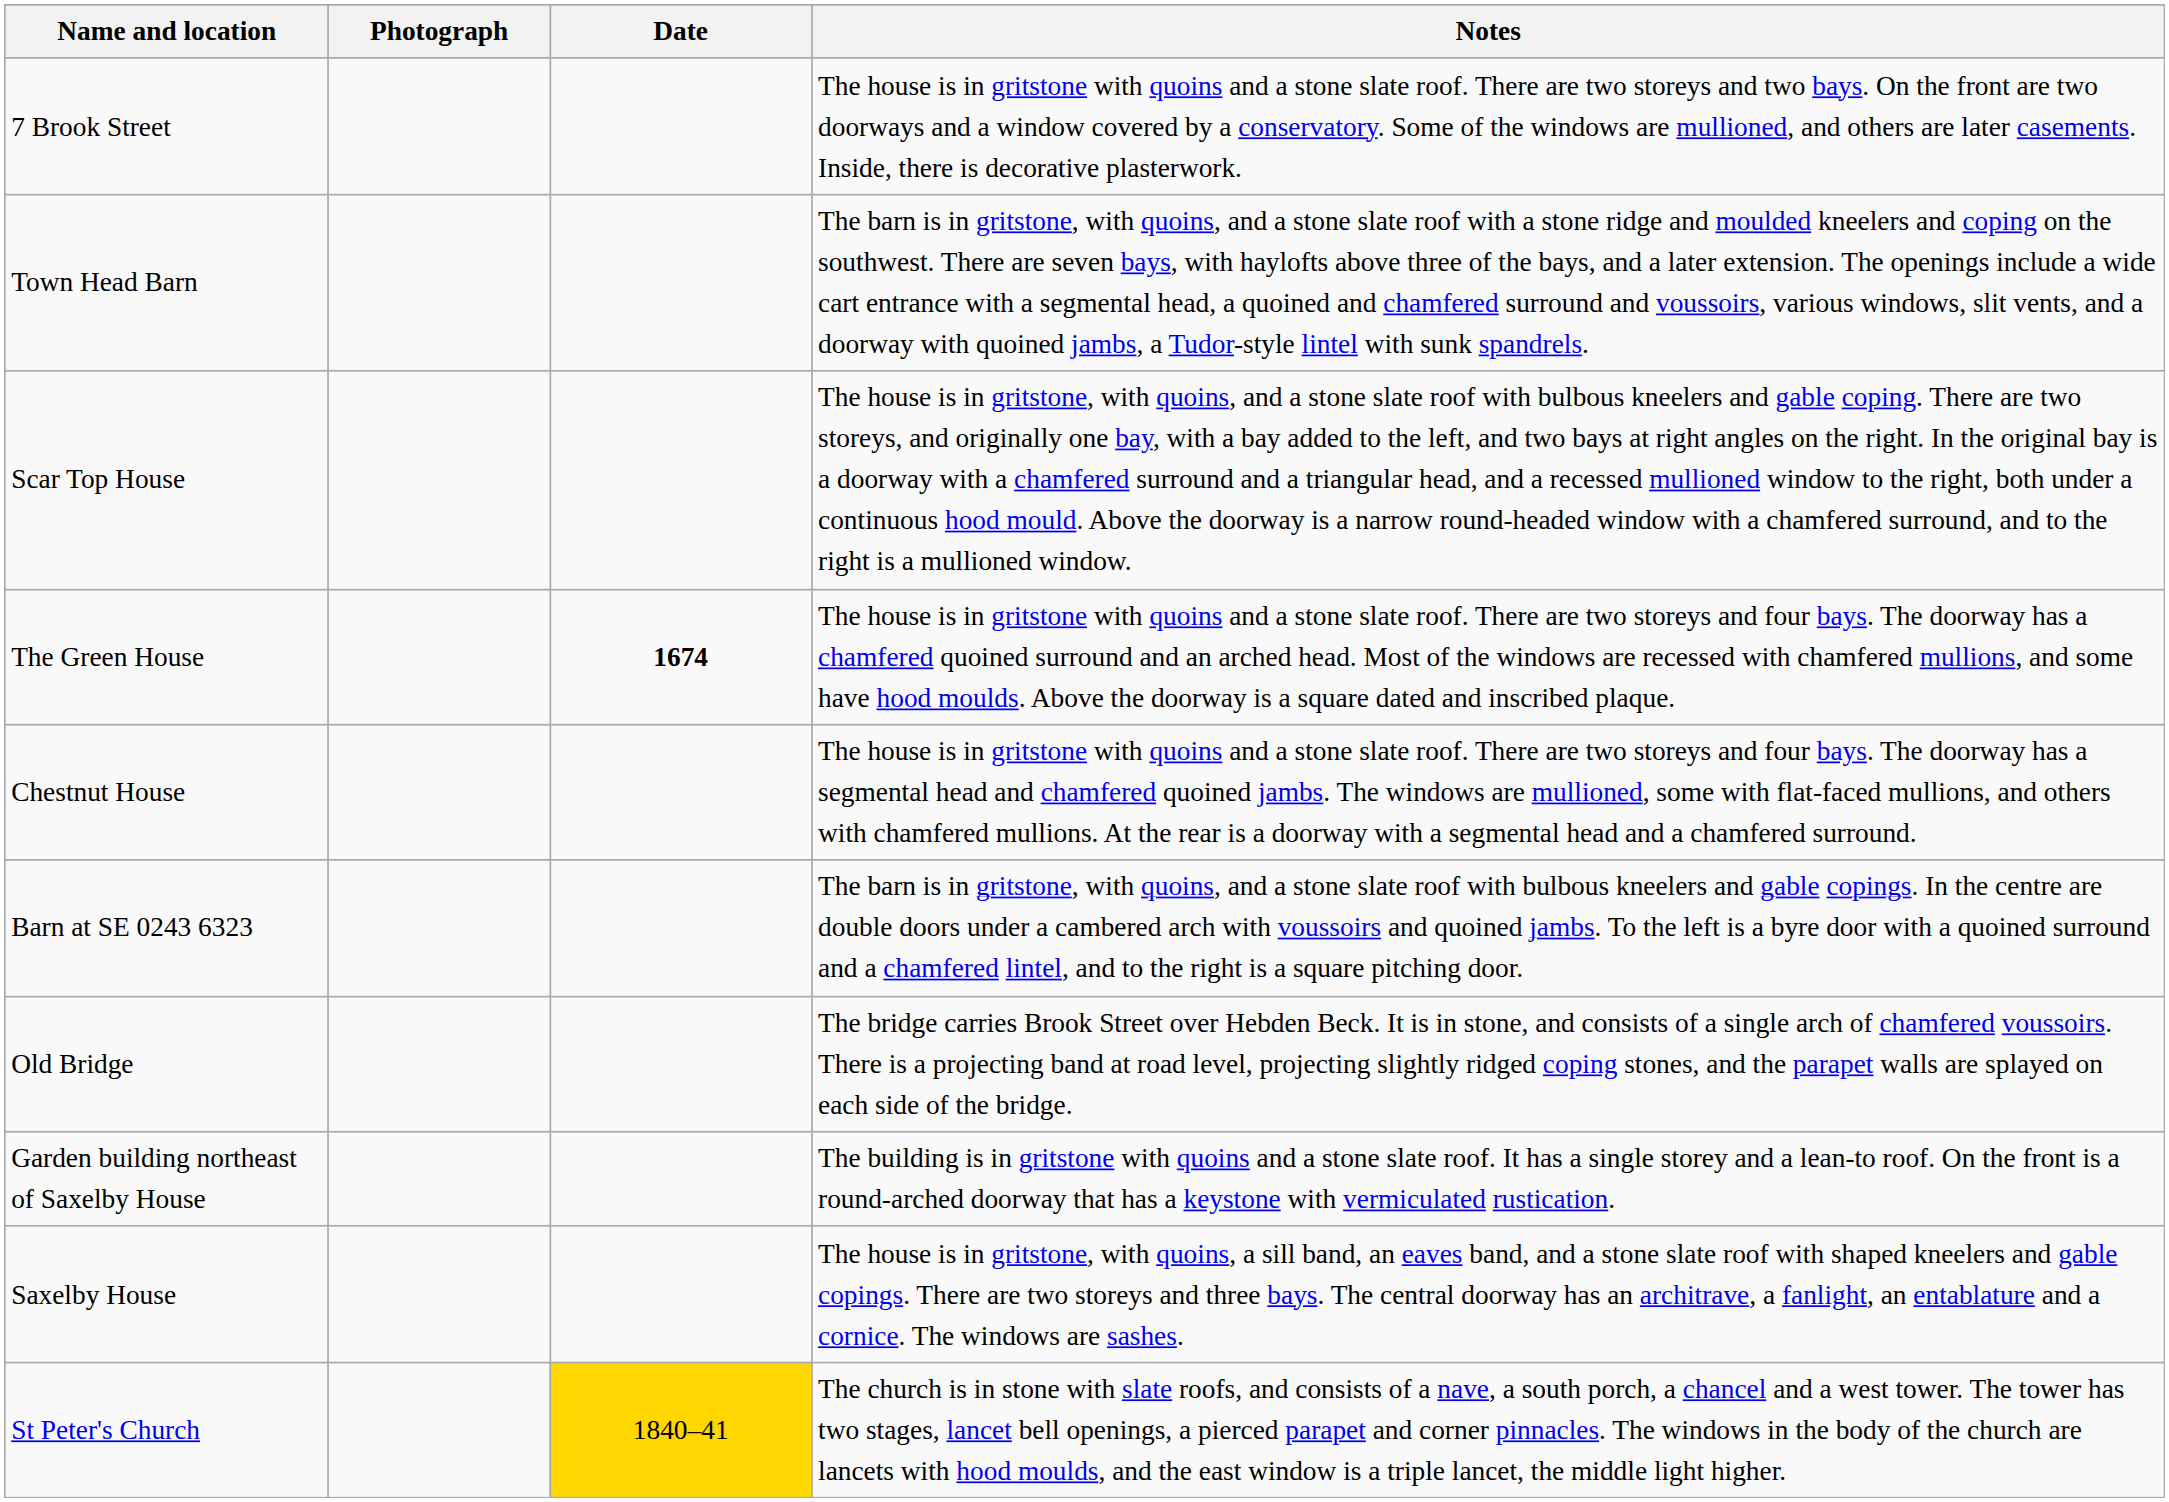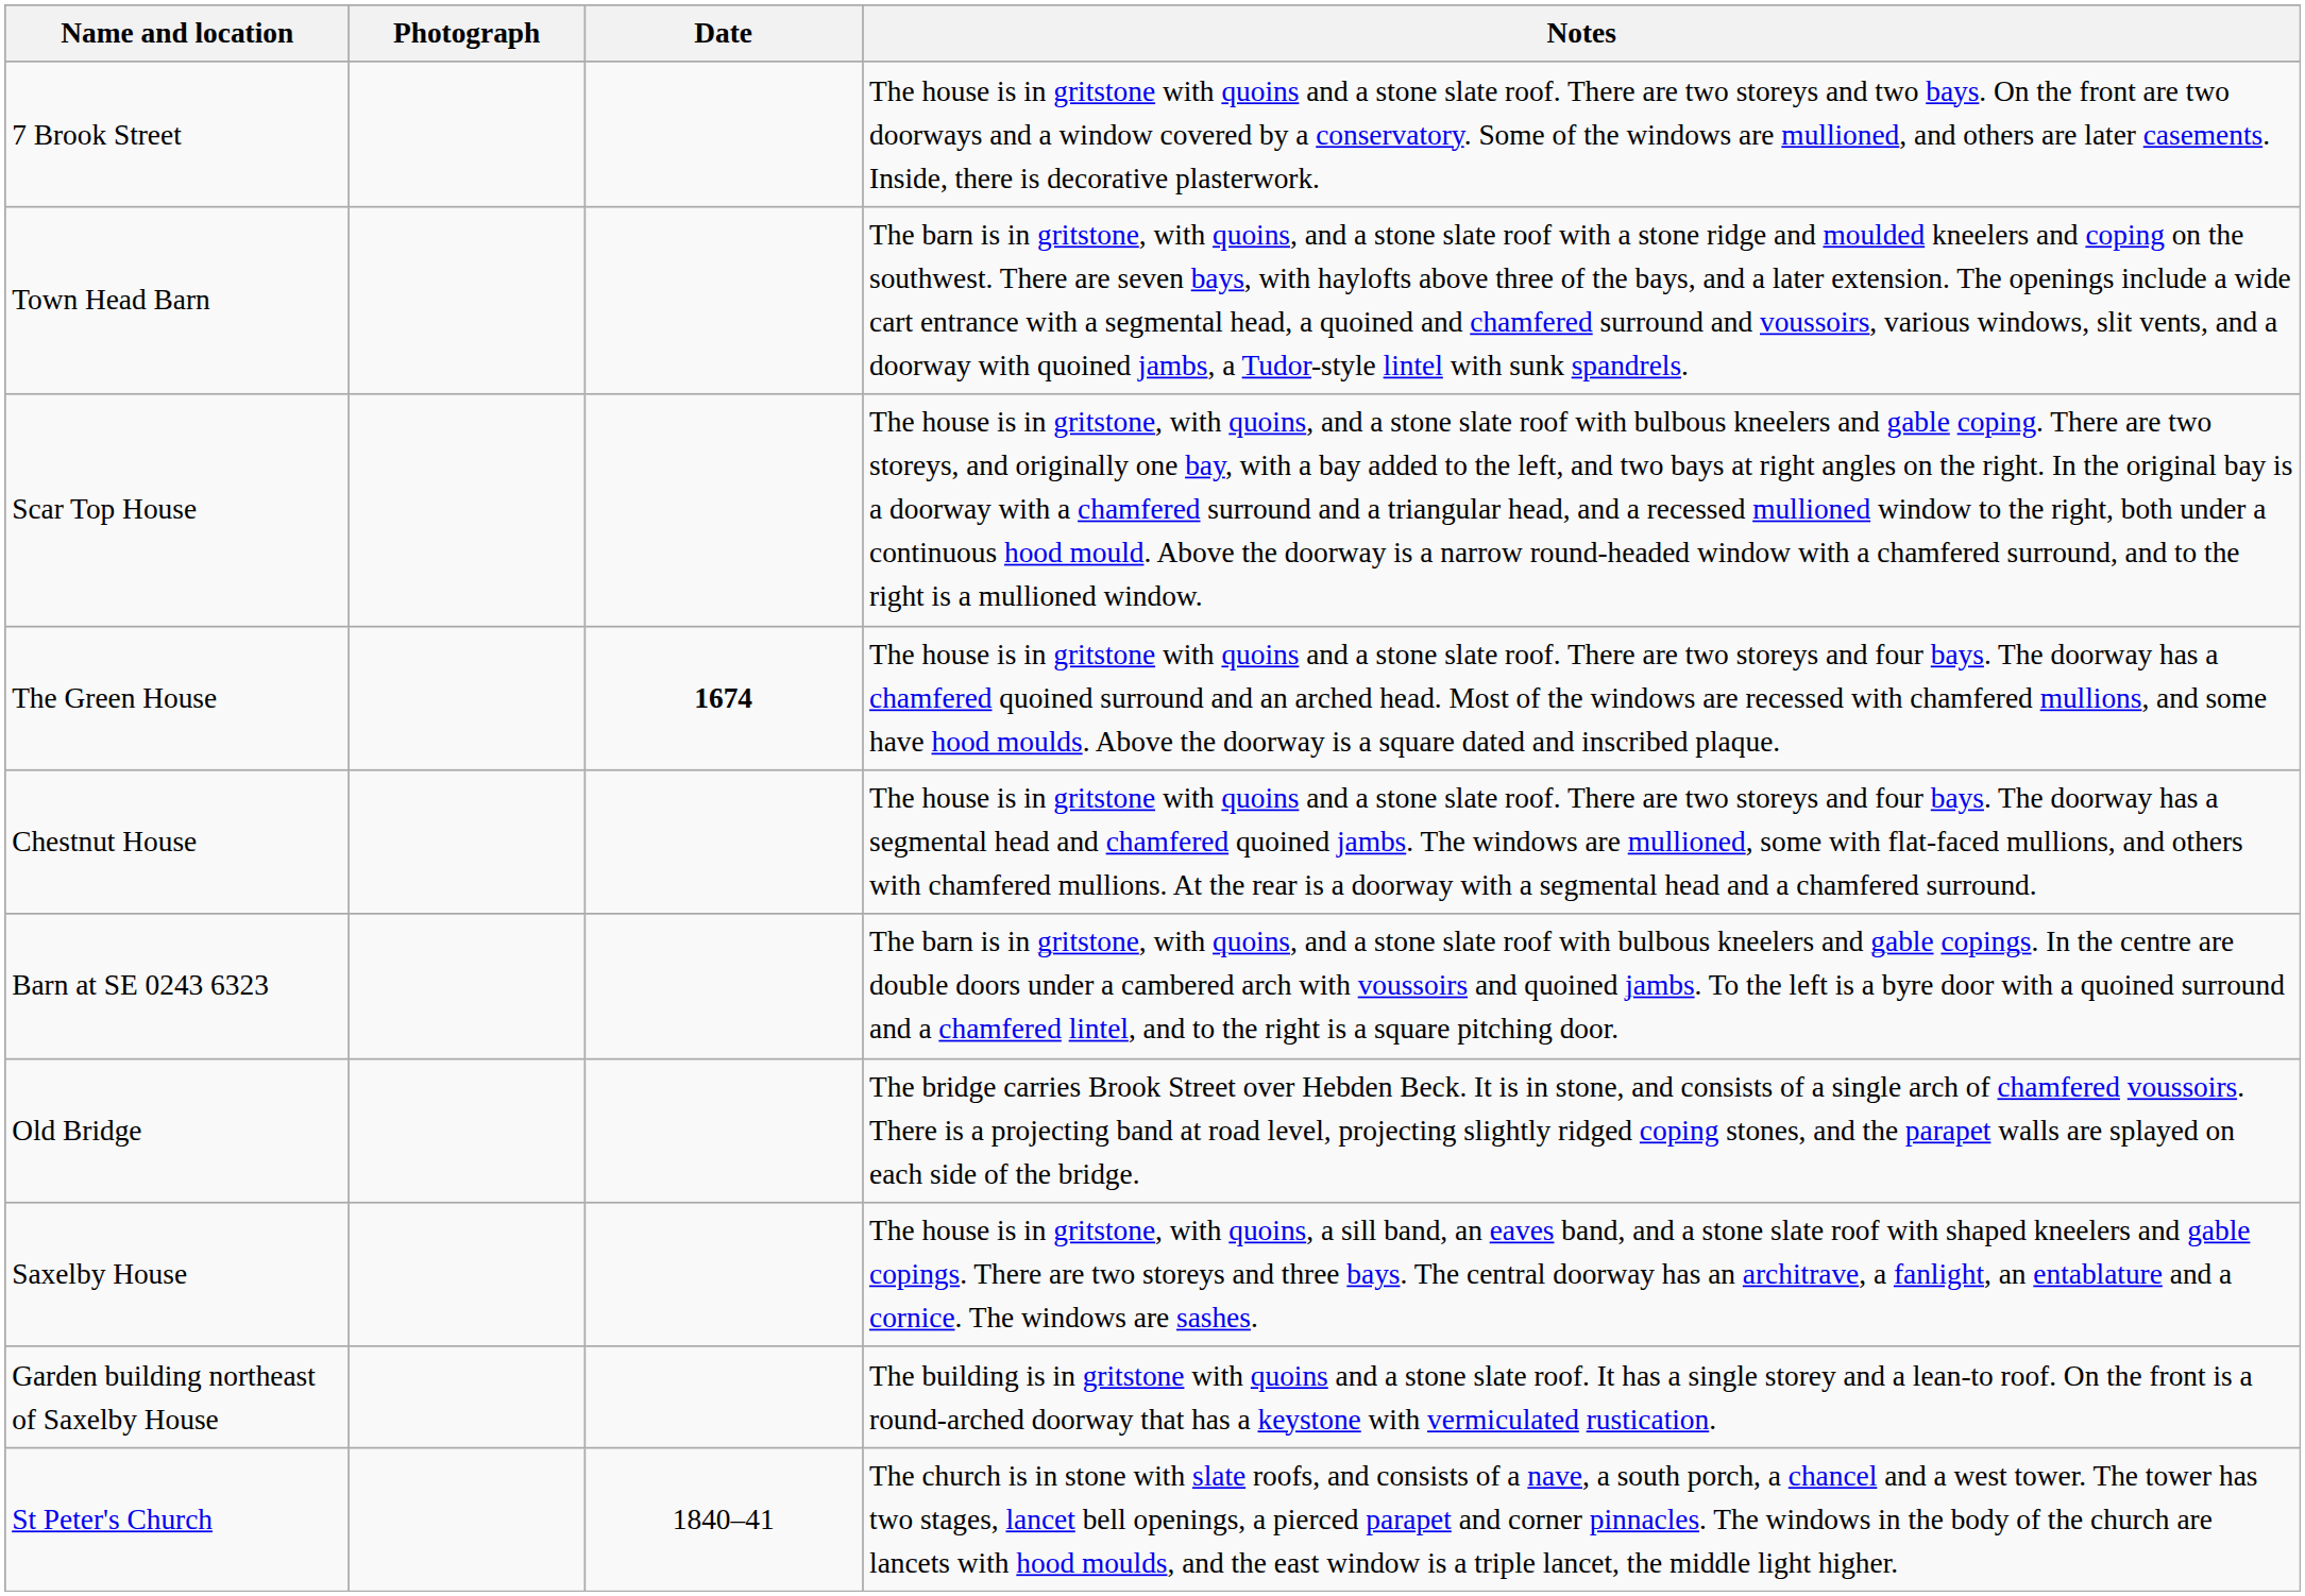 <table class="wikitable sortable plainrowheaders" style="width:100%;border:0px;text-align:left;line-height:150%;">
 <tr>
 <th scope="col"  style="width:150px">Name and location</th>
 <th scope="col"  style="width:100px" class="unsortable">Photograph</th>
 <th scope="col"  style="width:120px">Date</th>
 <th scope="col"  style="width:650px" class="unsortable">Notes</th>
 </tr>
 <tr>
 <td>7 Brook Street<br><small></small></td>
 <td></td>
 <td align="center"></td>
 <td>The house is in <a href='#'>gritstone</a> with <a href='#'>quoins</a> and a stone slate roof. There are two storeys and two <a href='#'>bays</a>. On the front are two doorways and  a window covered by a <a href='#'>conservatory</a>. Some of the windows are <a href='#'>mullioned</a>, and others are later <a href='#'>casements</a>. Inside, there is decorative plasterwork.</td>
 </tr>
 <tr>
 <td>Town Head Barn<br><small></small></td>
 <td></td>
 <td align="center"></td>
 <td>The barn is in <a href='#'>gritstone</a>, with <a href='#'>quoins</a>, and a stone slate roof with a stone ridge and <a href='#'>moulded</a> kneelers and <a href='#'>coping</a> on the southwest. There are seven <a href='#'>bays</a>, with haylofts above three of the bays, and a later extension. The openings include a wide cart entrance with a segmental head, a quoined and <a href='#'>chamfered</a> surround and <a href='#'>voussoirs</a>, various windows, slit vents, and a doorway with quoined <a href='#'>jambs</a>, a <a href='#'>Tudor</a>-style <a href='#'>lintel</a> with sunk <a href='#'>spandrels</a>.</td>
 </tr>
 <tr>
 <td>Scar Top House<br><small></small></td>
 <td></td>
 <td align="center"></td>
 <td>The house is in <a href='#'>gritstone</a>, with <a href='#'>quoins</a>, and a stone slate roof with bulbous kneelers and <a href='#'>gable</a> <a href='#'>coping</a>.  There are two storeys, and originally one <a href='#'>bay</a>, with a bay added to the left, and two bays at right angles on the right.  In the original bay is a doorway with a <a href='#'>chamfered</a> surround and a triangular head, and a recessed <a href='#'>mullioned</a> window to the right, both under a continuous <a href='#'>hood mould</a>.  Above the doorway is a narrow round-headed window with a chamfered surround, and to the right is a mullioned window.</td>
 </tr>
 <tr>
 <td>The Green House<br><small></small></td>
 <td></td>
 <td align="center"><strong>1674</strong></td>
 <td>The house is in <a href='#'>gritstone</a> with <a href='#'>quoins</a> and a stone slate roof. There are two storeys and four <a href='#'>bays</a>. The doorway has a <a href='#'>chamfered</a> quoined surround and an arched head.  Most of the windows are recessed with chamfered <a href='#'>mullions</a>, and some have <a href='#'>hood moulds</a>.  Above the doorway is a square dated and inscribed plaque.</td>
 </tr>
 <tr>
 <td>Chestnut House<br><small></small></td>
 <td></td>
 <td align="center"></td>
 <td>The house is in <a href='#'>gritstone</a> with <a href='#'>quoins</a> and a stone slate roof. There are two storeys and four <a href='#'>bays</a>. The doorway has a segmental head and <a href='#'>chamfered</a> quoined <a href='#'>jambs</a>.  The windows are <a href='#'>mullioned</a>, some with flat-faced mullions, and others with chamfered mullions. At the rear is a doorway with a segmental head and a chamfered surround.</td>
 </tr>
 <tr>
 <td>Barn at SE 0243 6323<br><small></small></td>
 <td></td>
 <td align="center"></td>
 <td>The barn is in <a href='#'>gritstone</a>, with <a href='#'>quoins</a>, and a stone slate roof with bulbous kneelers and <a href='#'>gable</a> <a href='#'>copings</a>. In the centre are double doors under a cambered arch with <a href='#'>voussoirs</a> and quoined <a href='#'>jambs</a>. To the left is a byre door with a quoined surround and a <a href='#'>chamfered</a> <a href='#'>lintel</a>, and to the right is a square pitching door.</td>
 </tr>
 <tr>
 <td>Old Bridge<br><small></small></td>
 <td></td>
 <td align="center"></td>
 <td The bridge carries Brook Street over Hebden Beck. It is>The bridge carries Brook Street over Hebden Beck. It is in stone, and consists of a single arch of <a href='#'>chamfered</a> <a href='#'>voussoirs</a>. There is a projecting band at road level, projecting slightly ridged <a href='#'>coping</a> stones, and the <a href='#'>parapet</a> walls are splayed on each side of the bridge.</td>
 </tr>
 <tr>
+<td>Saxelby House<br><small></small></td>
+<td></td>
+<td align="center"></td>
+<td>The house is in <a href='#'>gritstone</a>, with <a href='#'>quoins</a>, a sill band, an <a href='#'>eaves</a> band, and a stone slate roof with shaped kneelers and <a href='#'>gable</a> <a href='#'>copings</a>. There are two storeys and three <a href='#'>bays</a>. The central doorway has an <a href='#'>architrave</a>, a <a href='#'>fanlight</a>, an <a href='#'>entablature</a> and a <a href='#'>cornice</a>. The windows are <a href='#'>sashes</a>.</td>
+</tr>
+<tr>
 <td>Garden building northeast of Saxelby House<br><small></small></td>
 <td></td>
 <td align="center"></td>
 <td>The building is in <a href='#'>gritstone</a> with <a href='#'>quoins</a> and a stone slate roof. It has a single storey and a lean-to roof. On the front is a round-arched doorway that has a <a href='#'>keystone</a> with <a href='#'>vermiculated</a> <a href='#'>rustication</a>.</td>
 </tr>
 <tr>
-<td>Saxelby House<br><small></small></td>
-<td></td>
-<td align="center"></td>
-<td>The house is in <a href='#'>gritstone</a>, with <a href='#'>quoins</a>, a sill band, an <a href='#'>eaves</a> band, and a stone slate roof with shaped kneelers and <a href='#'>gable</a> <a href='#'>copings</a>. There are two storeys and three <a href='#'>bays</a>. The central doorway has an <a href='#'>architrave</a>, a <a href='#'>fanlight</a>, an <a href='#'>entablature</a> and a <a href='#'>cornice</a>. The windows are <a href='#'>sashes</a>.</td>
-</tr>
-<tr>
 <td><a href='#'>St Peter's Church</a><br><small></small></td>
 <td></td>
-<td align="center" style="background: gold;">1840–41</td>
+<td align="center">1840–41</td>
 <td>The church is in stone with <a href='#'>slate</a> roofs, and consists of a <a href='#'>nave</a>, a south porch, a <a href='#'>chancel</a> and a west tower.  The tower has two stages, <a href='#'>lancet</a> bell openings, a pierced <a href='#'>parapet</a> and corner <a href='#'>pinnacles</a>.  The windows in the body of the church are lancets with <a href='#'>hood moulds</a>, and the east window is a triple lancet, the middle light higher.</td>
 </tr>
 <tr>
 </tr>
 </table>
